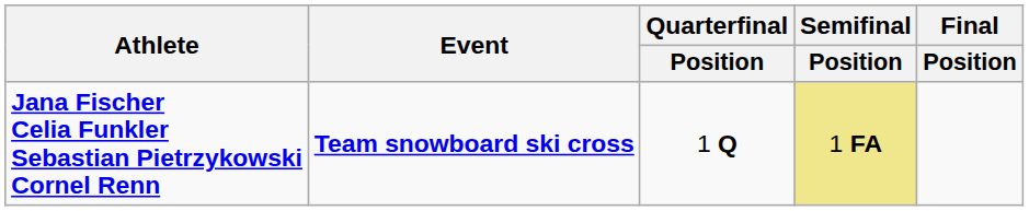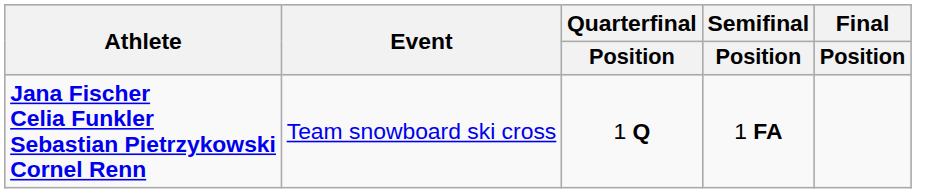 <table class="wikitable" style="font-size:90%">
 <tr>
 <th rowspan="2">Athlete</th>
 <th rowspan="2">Event</th>
 <th>Quarterfinal</th>
 <th>Semifinal</th>
 <th>Final</th>
 </tr>
 <tr style="font-size:95%">
 <th>Position</th>
 <th>Position</th>
 <th>Position</th>
 </tr>
 <tr align=center>
 <td align=left><strong><a href='#'>Jana Fischer</a><br><a href='#'>Celia Funkler</a><br><a href='#'>Sebastian Pietrzykowski</a><br><a href='#'>Cornel Renn</a></strong></td>
-<td align=left><strong><a href='#'>Team snowboard ski cross</a></strong></td>
+<td align=left><a href='#'>Team snowboard ski cross</a></td>
 <td>1 <strong>Q</strong></td>
-<td style="background: khaki;">1 <strong>FA</strong></td>
+<td>1 <strong>FA</strong></td>
 <td></td>
 </tr>
 </table>
